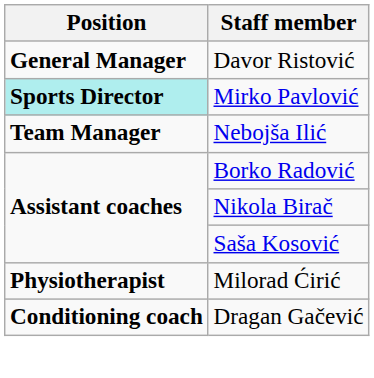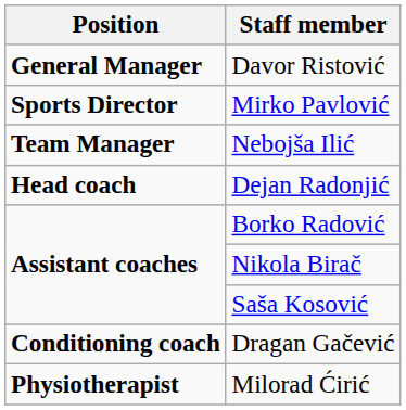 <table class="wikitable">
 <tr>
 <th>Position</th>
 <th>Staff member</th>
 </tr>
 <tr>
 <td><strong>General Manager</strong></td>
 <td> Davor Ristović</td>
 </tr>
 <tr>
-<td style="background: paleturquoise;"><strong>Sports Director</strong></td>
+<td><strong>Sports Director</strong></td>
 <td> <a href='#'>Mirko Pavlović</a></td>
 </tr>
 <tr>
 <td><strong>Team Manager</strong></td>
 <td> <a href='#'>Nebojša Ilić</a></td>
+</tr>
+<tr>
+<td><strong>Head coach</strong></td>
+<td> <a href='#'>Dejan Radonjić</a></td>
 </tr>
 <tr>
 <td rowspan=3><strong>Assistant coaches</strong></td>
 <td> <a href='#'>Borko Radović</a></td>
 </tr>
 <tr>
 <td> <a href='#'>Nikola Birač</a></td>
 </tr>
 <tr>
 <td> <a href='#'>Saša Kosović</a></td>
 </tr>
 <tr>
+<td><strong>Conditioning coach</strong></td>
+<td> Dragan Gačević</td>
+</tr>
+<tr>
 <td><strong>Physiotherapist</strong></td>
 <td> Milorad Ćirić</td>
 </tr>
-<tr>
-<td><strong>Conditioning coach</strong></td>
-<td> Dragan Gačević</td>
-</tr>
 </table>
